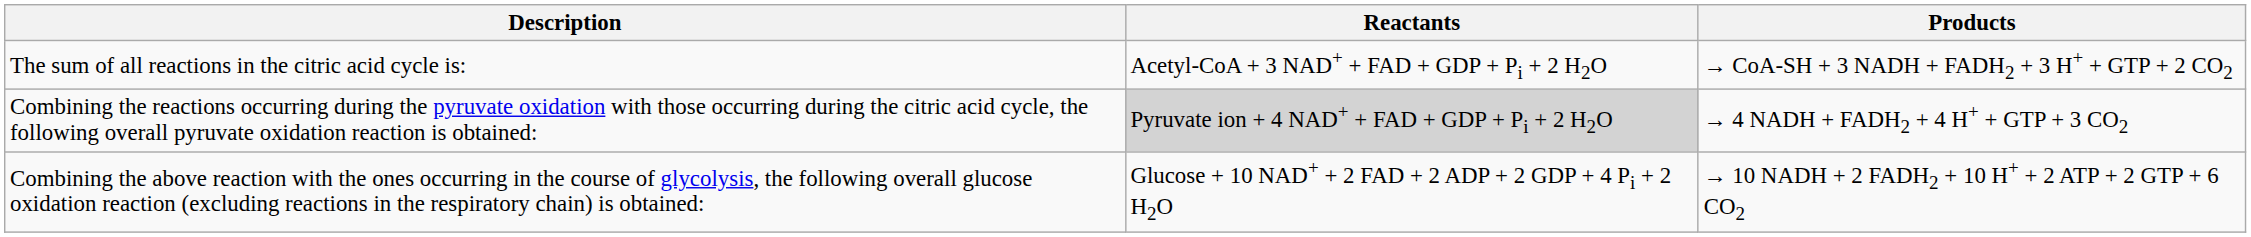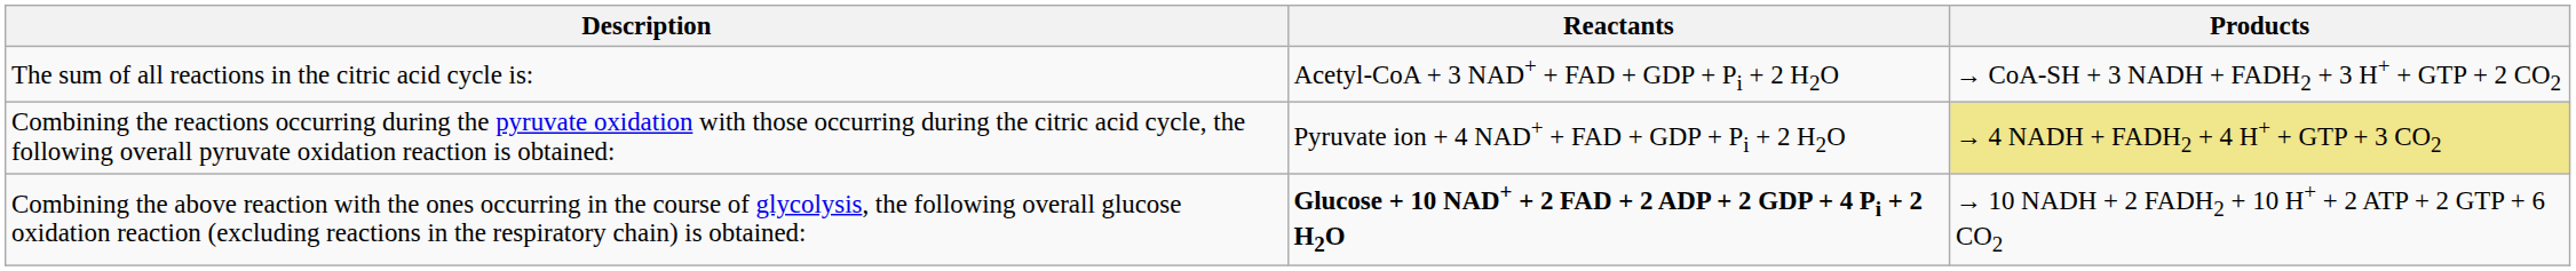 <table class="wikitable">
 <tr>
 <th width="50%">Description</th>
 <th>Reactants</th>
 <th>Products</th>
 </tr>
 <tr>
 <td>The sum of all reactions in the citric acid cycle is:</td>
 <td>Acetyl-CoA + 3 NAD<sup>+</sup> + FAD + GDP + P<sub>i</sub> + 2 H<sub>2</sub>O</td>
 <td>→ CoA-SH + 3 NADH + FADH<sub>2</sub> + 3 H<sup>+</sup> + GTP + 2 CO<sub>2</sub></td>
 </tr>
 <tr>
 <td>Combining the reactions occurring during the <a href='#'>pyruvate oxidation</a> with those occurring during the citric acid cycle, the following overall pyruvate oxidation reaction is obtained:</td>
-<td style="background: lightgrey;">Pyruvate ion + 4 NAD<sup>+</sup> + FAD + GDP + P<sub>i</sub> + 2 H<sub>2</sub>O</td>
-<td>→ 4 NADH + FADH<sub>2</sub> + 4 H<sup>+</sup> + GTP + 3 CO<sub>2</sub></td>
+<td>Pyruvate ion + 4 NAD<sup>+</sup> + FAD + GDP + P<sub>i</sub> + 2 H<sub>2</sub>O</td>
+<td style="background: khaki;">→ 4 NADH + FADH<sub>2</sub> + 4 H<sup>+</sup> + GTP + 3 CO<sub>2</sub></td>
 </tr>
 <tr>
 <td>Combining the above reaction with the ones occurring in the course of <a href='#'>glycolysis</a>, the following overall glucose oxidation reaction (excluding reactions in the respiratory chain) is obtained:</td>
-<td>Glucose + 10 NAD<sup>+</sup> + 2 FAD + 2 ADP + 2 GDP + 4 P<sub>i</sub> + 2 H<sub>2</sub>O</td>
+<td><strong>Glucose + 10 NAD<sup>+</sup> + 2 FAD + 2 ADP + 2 GDP + 4 P<sub>i</sub> + 2 H<sub>2</sub>O</strong></td>
 <td>→ 10 NADH + 2 FADH<sub>2</sub> + 10 H<sup>+</sup> + 2 ATP + 2 GTP + 6 CO<sub>2</sub></td>
 </tr>
 </table>
